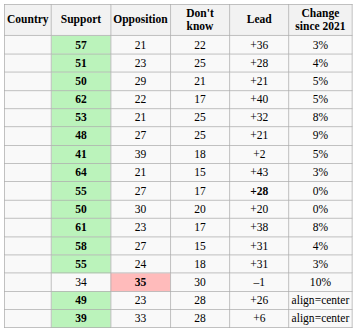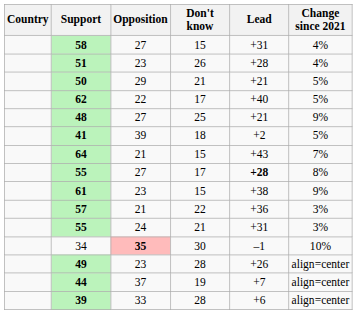 <table class="wikitable sortable">
 <tr>
 <th>Country</th>
 <th width=75px>Support</th>
 <th width=75px>Opposition</th>
 <th width=75px>Don't know</th>
 <th width=75px>Lead</th>
 <th width=75px>Change since 2021</th>
 </tr>
 <tr>
 <td></td>
-<td align=center bgcolor=#BBF3BB><strong>57</strong></td>
-<td align=center>21</td>
-<td align=center>22</td>
-<td align=center>+36</td>
-<td align=center>3%</td>
+<td align=center bgcolor=#BBF3BB><strong>58</strong></td>
+<td align=center>27</td>
+<td align=center>15</td>
+<td align=center>+31</td>
+<td align=center>4%</td>
 </tr>
 <tr>
 <td></td>
 <td align=center bgcolor=#BBF3BB><strong>51</strong></td>
 <td align=center>23</td>
-<td align=center>25</td>
+<td align=center>26</td>
 <td align=center>+28</td>
 <td align=center>4%</td>
 </tr>
 <tr>
 <td></td>
 <td align=center bgcolor=#BBF3BB><strong>50</strong></td>
 <td align=center>29</td>
 <td align=center>21</td>
 <td align=center>+21</td>
 <td align=center>5%</td>
 </tr>
 <tr>
 <td></td>
 <td align=center bgcolor=#BBF3BB><strong>62</strong></td>
 <td align=center>22</td>
 <td align=center>17</td>
 <td align=center>+40</td>
 <td align=center>5%</td>
-</tr>
-<tr>
-<td></td>
-<td align=center bgcolor=#BBF3BB><strong>53</strong></td>
-<td align=center>21</td>
-<td align=center>25</td>
-<td align=center>+32</td>
-<td align=center>8%</td>
 </tr>
 <tr>
 <td></td>
 <td align=center bgcolor=#BBF3BB><strong>48</strong></td>
 <td align=center>27</td>
 <td align=center>25</td>
 <td align=center>+21</td>
 <td align=center>9%</td>
 </tr>
 <tr>
 <td></td>
 <td align=center bgcolor=#BBF3BB><strong>41</strong></td>
 <td align=center>39</td>
 <td align=center>18</td>
 <td align=center>+2</td>
 <td align=center>5%</td>
 </tr>
 <tr>
 <td></td>
 <td align=center bgcolor=#BBF3BB><strong>64</strong></td>
 <td align=center>21</td>
 <td align=center>15</td>
 <td align=center>+43</td>
-<td align=center>3%</td>
+<td align=center>7%</td>
 </tr>
 <tr>
 <td></td>
 <td align=center bgcolor=#BBF3BB><strong>55</strong></td>
 <td align=center>27</td>
 <td align=center>17</td>
 <td align=center><strong>+28</strong></td>
-<td align=center>0%</td>
-</tr>
-<tr>
-<td></td>
-<td align=center bgcolor=#BBF3BB><strong>50</strong></td>
-<td align=center>30</td>
-<td align=center>20</td>
-<td align=center>+20</td>
-<td align=center>0%</td>
+<td align=center>8%</td>
 </tr>
 <tr>
 <td></td>
 <td align=center bgcolor=#BBF3BB><strong>61</strong></td>
 <td align=center>23</td>
-<td align=center>17</td>
+<td align=center>15</td>
 <td align=center>+38</td>
-<td align=center>8%</td>
+<td align=center>9%</td>
 </tr>
 <tr>
 <td></td>
-<td align=center bgcolor=#BBF3BB><strong>58</strong></td>
-<td align=center>27</td>
-<td align=center>15</td>
-<td align=center>+31</td>
-<td align=center>4%</td>
+<td align=center bgcolor=#BBF3BB><strong>57</strong></td>
+<td align=center>21</td>
+<td align=center>22</td>
+<td align=center>+36</td>
+<td align=center>3%</td>
 </tr>
 <tr>
 <td></td>
 <td align=center bgcolor=#BBF3BB><strong>55</strong></td>
 <td align=center>24</td>
-<td align=center>18</td>
+<td align=center>21</td>
 <td align=center>+31</td>
 <td align=center>3%</td>
 </tr>
 <tr>
 <td></td>
 <td align=center>34</td>
 <td align=center bgcolor=#FFBBBB><strong>35</strong></td>
 <td align=center>30</td>
 <td align=center>–1</td>
 <td align=center>10%</td>
 </tr>
 <tr>
 <td></td>
 <td align=center bgcolor=#BBF3BB><strong>49</strong></td>
 <td align=center>23</td>
 <td align=center>28</td>
 <td align=center>+26</td>
 <td>align=center </td>
 </tr>
 <tr>
 <td></td>
+<td align=center bgcolor=#BBF3BB><strong>44</strong></td>
+<td align=center>37</td>
+<td align=center>19</td>
+<td align=center>+7</td>
+<td>align=center </td>
+</tr>
+<tr>
+<td></td>
 <td align=center bgcolor=#BBF3BB><strong>39</strong></td>
 <td align=center>33</td>
 <td align=center>28</td>
 <td align=center>+6</td>
 <td>align=center </td>
 </tr>
 </table>
